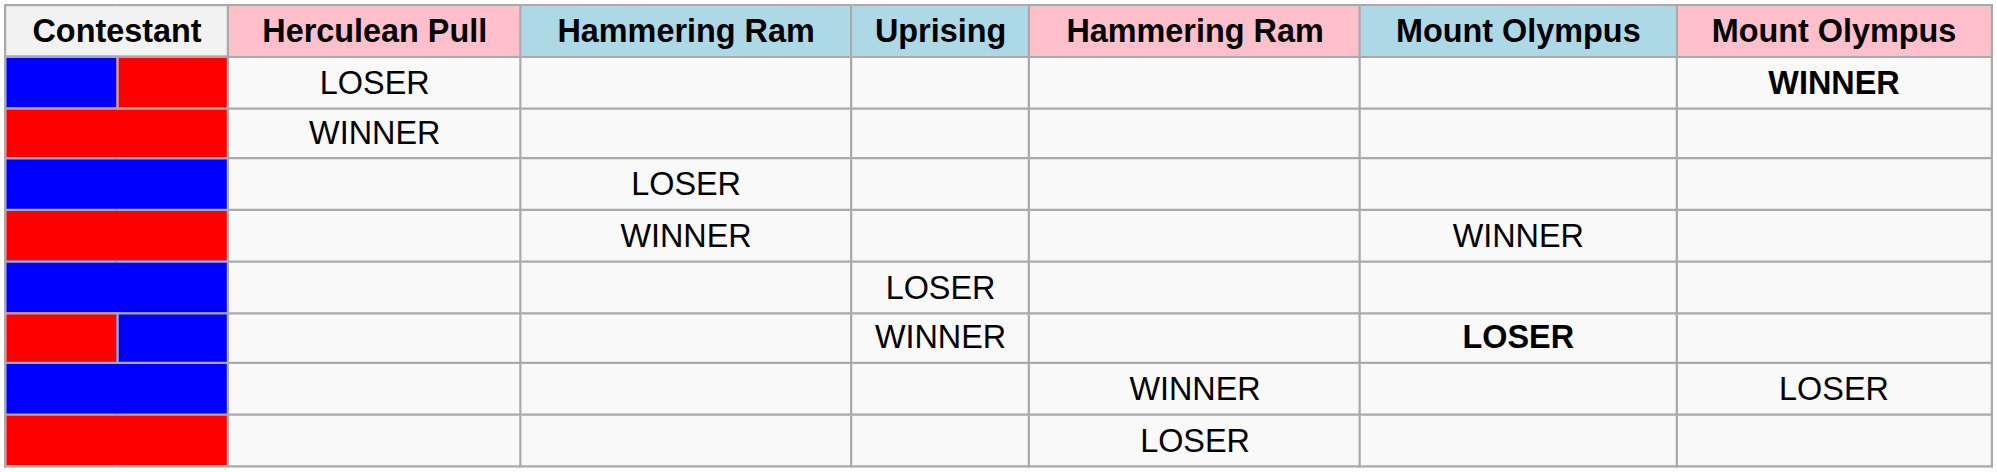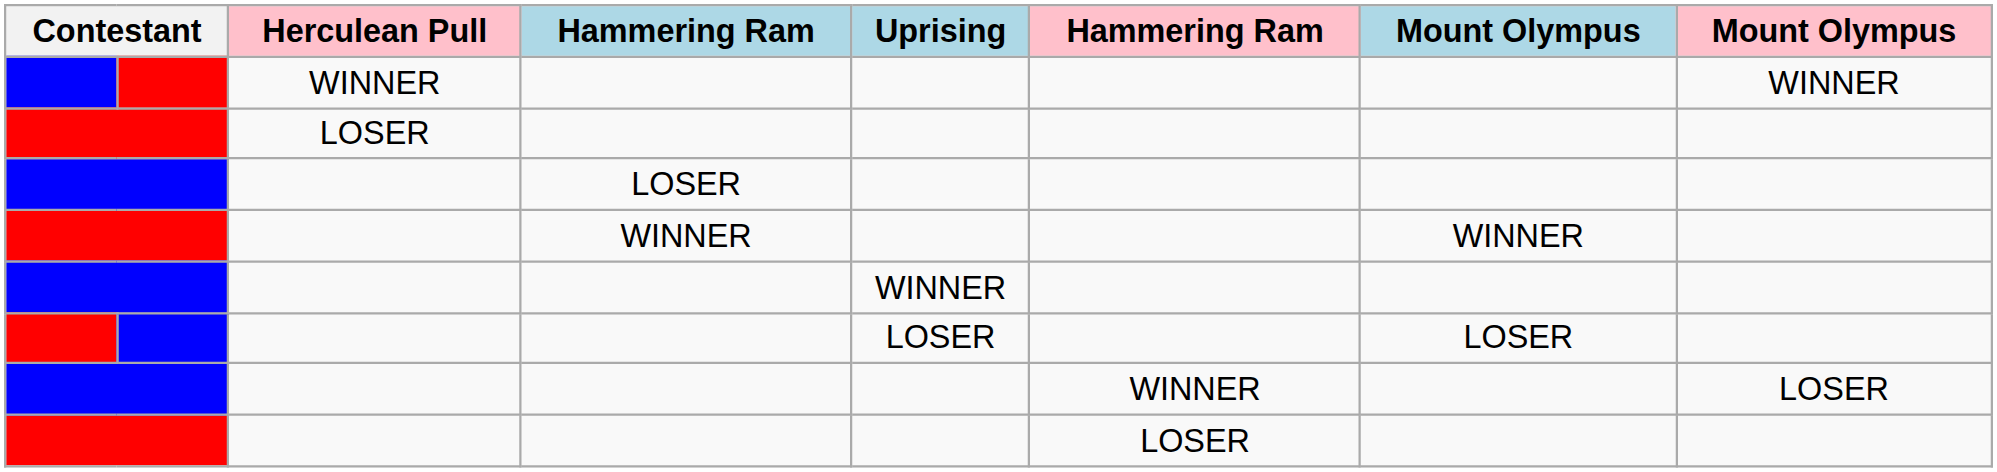 <table class="wikitable" style="text-align:center; font-size:90%; width:100%">
 <tr>
 <th colspan="2">Contestant</th>
 <th style="background:pink;">Herculean Pull</th>
 <th style="background:lightblue;">Hammering Ram</th>
 <th style="background:lightblue;">Uprising</th>
 <th style="background:pink;">Hammering Ram</th>
 <th style="background:lightblue;">Mount Olympus</th>
 <th style="background:pink;">Mount Olympus</th>
 </tr>
 <tr>
 <td style="background:blue;"></td>
 <td style="background:red;"></td>
-<td>LOSER</td>
+<td>WINNER</td>
 <td></td>
 <td></td>
 <td></td>
 <td></td>
-<td><strong>WINNER</strong></td>
+<td>WINNER</td>
 </tr>
 <tr>
 <td style="background:red;" colspan="2"></td>
-<td>WINNER</td>
+<td>LOSER</td>
 <td></td>
 <td></td>
 <td></td>
 <td></td>
 <td></td>
 </tr>
 <tr>
 <td style="background:blue;" colspan="2"></td>
 <td></td>
 <td>LOSER</td>
 <td></td>
 <td></td>
 <td></td>
 <td></td>
 </tr>
 <tr>
 <td style="background:red;" colspan="2"></td>
 <td></td>
 <td>WINNER</td>
 <td></td>
 <td></td>
 <td>WINNER</td>
 <td></td>
 </tr>
 <tr>
 <td style="background:blue;" colspan="2"></td>
 <td></td>
 <td></td>
-<td>LOSER</td>
+<td>WINNER</td>
 <td></td>
 <td></td>
 <td></td>
 </tr>
 <tr>
 <td style="background:red;"></td>
 <td style="background:blue;"></td>
 <td></td>
 <td></td>
-<td>WINNER</td>
+<td>LOSER</td>
 <td></td>
-<td><strong>LOSER</strong></td>
+<td>LOSER</td>
 <td></td>
 </tr>
 <tr>
 <td style="background:blue;" colspan="2"></td>
 <td></td>
 <td></td>
 <td></td>
 <td>WINNER</td>
 <td></td>
 <td>LOSER</td>
 </tr>
 <tr>
 <td style="background:red;" colspan="2"></td>
 <td></td>
 <td></td>
 <td></td>
 <td>LOSER</td>
 <td></td>
 <td></td>
 </tr>
 </table>
